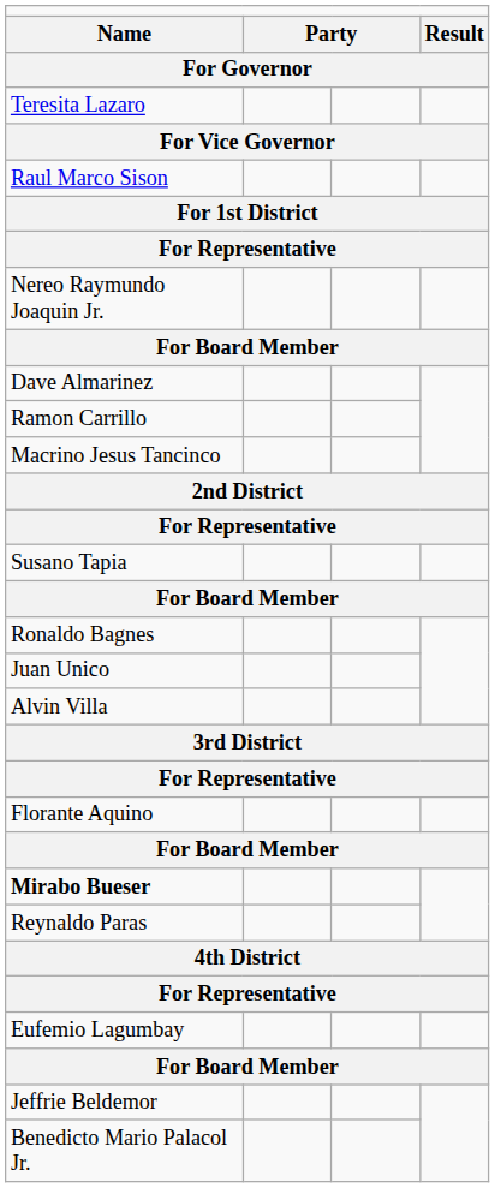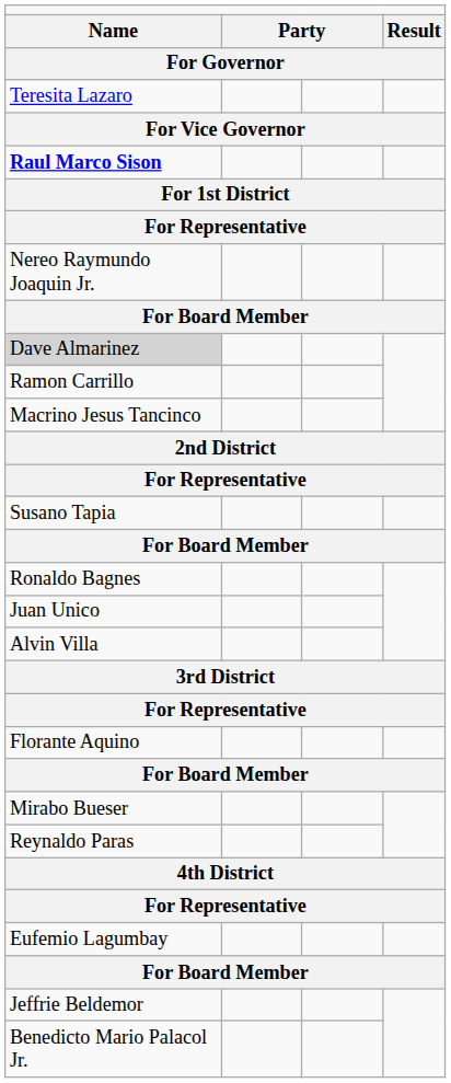 <table class="wikitable" style="font-size:90%">
 <tr>
 <td colspan="4" style="color:inherit;background:"></td>
 </tr>
 <tr>
 <th width="150px">Name</th>
 <th colspan="2" width="110px">Party</th>
 <th>Result</th>
 </tr>
 <tr>
 <th colspan="4">For Governor</th>
 </tr>
 <tr>
 <td><a href='#'>Teresita Lazaro</a></td>
 <td></td>
 <td></td>
 </tr>
 <tr>
 <th colspan="4">For Vice Governor</th>
 </tr>
 <tr>
-<td><a href='#'>Raul Marco Sison</a></td>
+<td><strong><a href='#'>Raul Marco Sison</a></strong></td>
 <td></td>
 <td></td>
 </tr>
 <tr>
 <th colspan="4">For 1st District</th>
 </tr>
 <tr>
 <th colspan="4">For Representative</th>
 </tr>
 <tr>
 <td>Nereo Raymundo Joaquin Jr.</td>
 <td></td>
 <td></td>
 </tr>
 <tr>
 <th colspan="4">For Board Member</th>
 </tr>
 <tr>
-<td>Dave Almarinez</td>
+<td style="background: lightgrey;">Dave Almarinez</td>
 <td></td>
 <td></td>
 </tr>
 <tr>
 <td>Ramon Carrillo</td>
 <td></td>
 <td></td>
 </tr>
 <tr>
 <td>Macrino Jesus Tancinco</td>
 <td></td>
 <td></td>
 </tr>
 <tr>
 <th colspan="4">2nd District</th>
 </tr>
 <tr>
 <th colspan="4">For Representative</th>
 </tr>
 <tr>
 <td>Susano Tapia</td>
 <td></td>
 <td></td>
 </tr>
 <tr>
 <th colspan="4">For Board Member</th>
 </tr>
 <tr>
 <td>Ronaldo Bagnes</td>
 <td></td>
 <td></td>
 </tr>
 <tr>
 <td>Juan Unico</td>
 <td></td>
 <td></td>
 </tr>
 <tr>
 <td>Alvin Villa</td>
 <td></td>
 <td></td>
 </tr>
 <tr>
 <th colspan="4">3rd District</th>
 </tr>
 <tr>
 <th colspan="4">For Representative</th>
 </tr>
 <tr>
 <td>Florante Aquino</td>
 <td></td>
 <td></td>
 </tr>
 <tr>
 <th colspan="4">For Board Member</th>
 </tr>
 <tr>
-<td><strong>Mirabo Bueser</strong></td>
+<td>Mirabo Bueser</td>
 <td></td>
 <td></td>
 </tr>
 <tr>
 <td>Reynaldo Paras</td>
 <td></td>
 <td></td>
 </tr>
 <tr>
 <th colspan="4">4th District</th>
 </tr>
 <tr>
 <th colspan="4">For Representative</th>
 </tr>
 <tr>
 <td>Eufemio Lagumbay</td>
 <td></td>
 <td></td>
 </tr>
 <tr>
 <th colspan="4">For Board Member</th>
 </tr>
 <tr>
 <td>Jeffrie Beldemor</td>
 <td></td>
 <td></td>
 </tr>
 <tr>
 <td>Benedicto Mario Palacol Jr.</td>
 <td></td>
 <td></td>
 </tr>
 </table>
